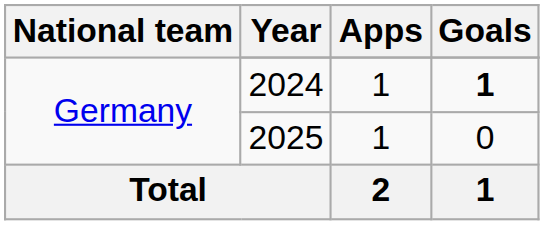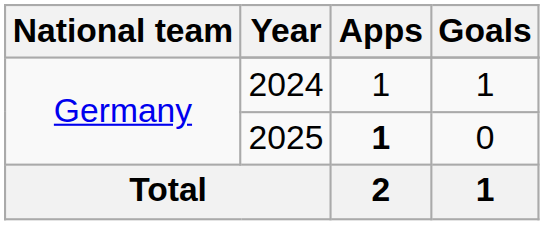 <table class=wikitable style=text-align:center>
 <tr>
 <th>National team</th>
 <th>Year</th>
 <th>Apps</th>
 <th>Goals</th>
 </tr>
 <tr>
 <td rowspan=3><a href='#'>Germany</a></td>
 </tr>
 <tr>
 <td>2024</td>
 <td>1</td>
-<td><strong>1</strong></td>
+<td>1</td>
 </tr>
 <tr>
 <td>2025</td>
-<td>1</td>
+<td><strong>1</strong></td>
 <td>0</td>
 </tr>
 <tr>
 <th colspan=2>Total</th>
 <th>2</th>
 <th>1</th>
 </tr>
 </table>
